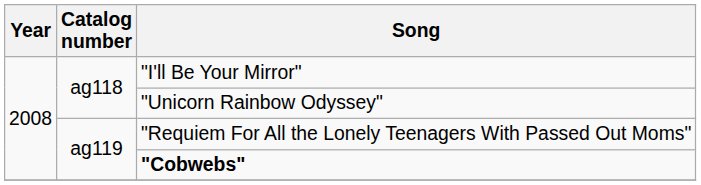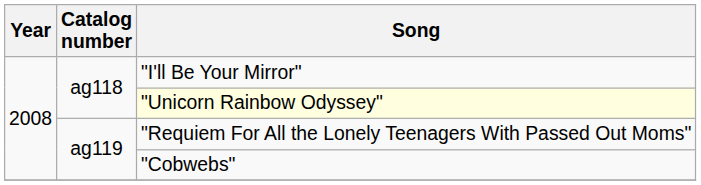 <table class="wikitable">
 <tr>
 <th width="33">Year</th>
 <th width="50">Catalog number</th>
 <th>Song</th>
 </tr>
 <tr>
 <td rowspan="4" align="center">2008</td>
 <td rowspan="2" align="center">ag118</td>
 <td>"I'll Be Your Mirror"</td>
 </tr>
 <tr>
-<td>"Unicorn Rainbow Odyssey"</td>
+<td style="background: lightyellow;">"Unicorn Rainbow Odyssey"</td>
 </tr>
 <tr>
 <td rowspan="2" align="center">ag119</td>
 <td>"Requiem For All the Lonely Teenagers With Passed Out Moms"</td>
 </tr>
 <tr>
-<td><strong>"Cobwebs"</strong></td>
+<td>"Cobwebs"</td>
 </tr>
 <tr>
 </tr>
 </table>
